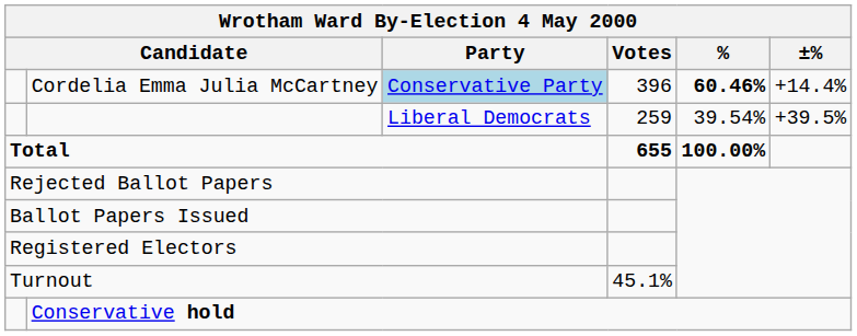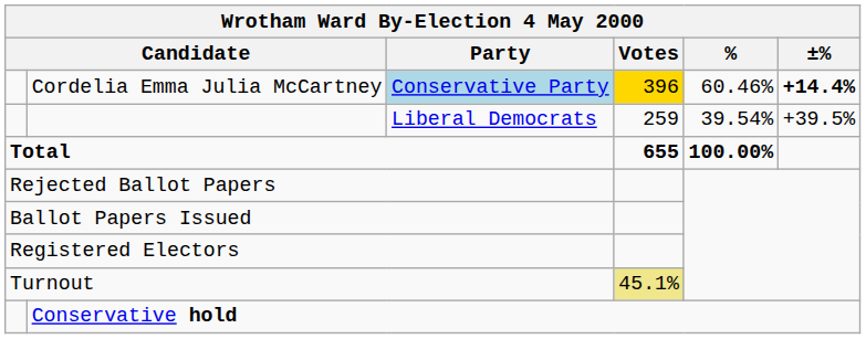 <table class="wikitable" border="1" style="text-align:right; font-size:100%">
 <tr>
 <th align=center colspan=6>Wrotham Ward By-Election 4 May 2000</th>
 </tr>
 <tr>
 <th align=left colspan=2>Candidate</th>
 <th align=left>Party</th>
 <th align=center>Votes</th>
 <th align=center>%</th>
 <th align=center>±%</th>
 </tr>
 <tr>
 <td bgcolor=> </td>
 <td align=left>Cordelia Emma Julia McCartney</td>
 <td align=left style="background: lightblue;"><a href='#'>Conservative Party</a></td>
-<td>396</td>
-<td><strong>60.46%</strong></td>
-<td>+14.4%</td>
+<td style="background: gold;">396</td>
+<td>60.46%</td>
+<td><strong>+14.4%</strong></td>
 </tr>
 <tr>
 <td bgcolor=> </td>
 <td align=left></td>
 <td align=left><a href='#'>Liberal Democrats</a></td>
 <td>259</td>
 <td>39.54%</td>
 <td>+39.5%</td>
 </tr>
 <tr>
 <td align=left colspan=3><strong>Total</strong></td>
 <td><strong>655</strong></td>
 <td><strong>100.00%</strong></td>
 <td></td>
 </tr>
 <tr>
 <td align=left colspan=3>Rejected Ballot Papers</td>
 <td></td>
 <td rowspan=4 colspan=2></td>
 </tr>
 <tr>
 <td align=left colspan=3>Ballot Papers Issued</td>
 <td></td>
 </tr>
 <tr>
 <td align=left colspan=3>Registered Electors</td>
 <td></td>
 </tr>
 <tr>
 <td align=left colspan=3>Turnout</td>
-<td>45.1%</td>
+<td style="background: khaki;">45.1%</td>
 </tr>
 <tr>
 <td bgcolor=> </td>
 <td align=left colspan=6><a href='#'>Conservative</a> <strong>hold</strong></td>
 </tr>
 </table>
